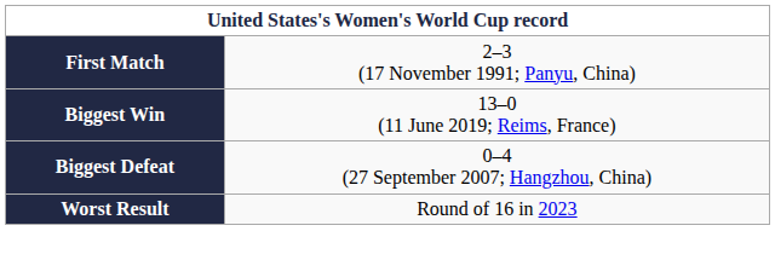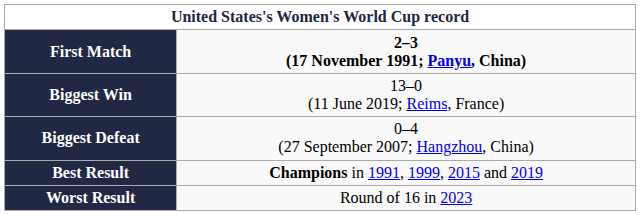 <table class="wikitable collapsible collapsed" style="width:50%;text-align:center">
 <tr>
 <th colspan="2" style="background:white; color:#212844; "><strong>United States's Women's World Cup record</strong></th>
 </tr>
 <tr>
 <th style="background:#212844; color:white; ">First Match</th>
-<td> 2–3 <br> (17 November 1991; <a href='#'>Panyu</a>, China)</td>
+<td><strong> 2–3 <br> (17 November 1991; <a href='#'>Panyu</a>, China)</strong></td>
 </tr>
 <tr>
 <th style="background:#212844; color:white; ">Biggest Win</th>
 <td> 13–0 <br> (11 June 2019; <a href='#'>Reims</a>, France)</td>
 </tr>
 <tr>
 <th style="background:#212844; color:white; ">Biggest Defeat</th>
 <td> 0–4 <br> (27 September 2007; <a href='#'>Hangzhou</a>, China)</td>
 </tr>
 <tr>
+<th style="background:#212844; color:white; ">Best Result</th>
+<td><strong>Champions</strong> in <a href='#'>1991</a>, <a href='#'>1999</a>, <a href='#'>2015</a> and <a href='#'>2019</a></td>
+</tr>
+<tr>
 <th style="background:#212844; color:white; ">Worst Result</th>
 <td>Round of 16 in <a href='#'>2023</a></td>
 </tr>
 </table>
